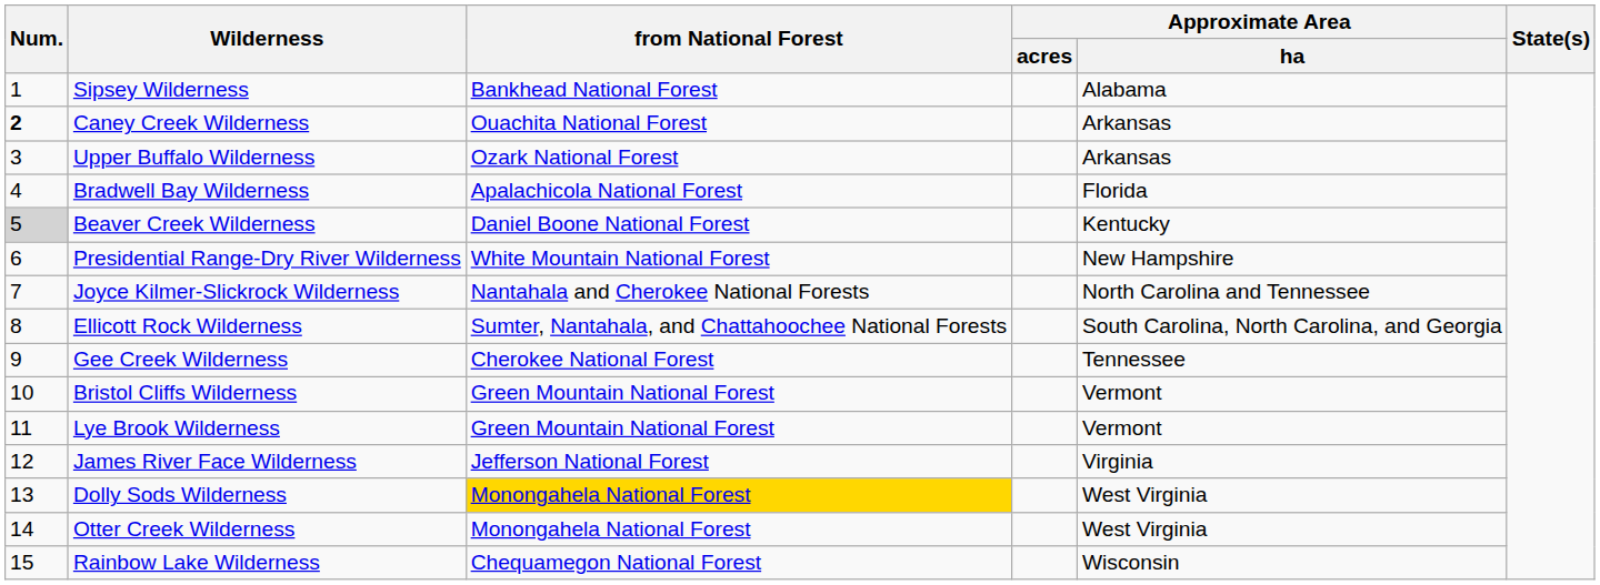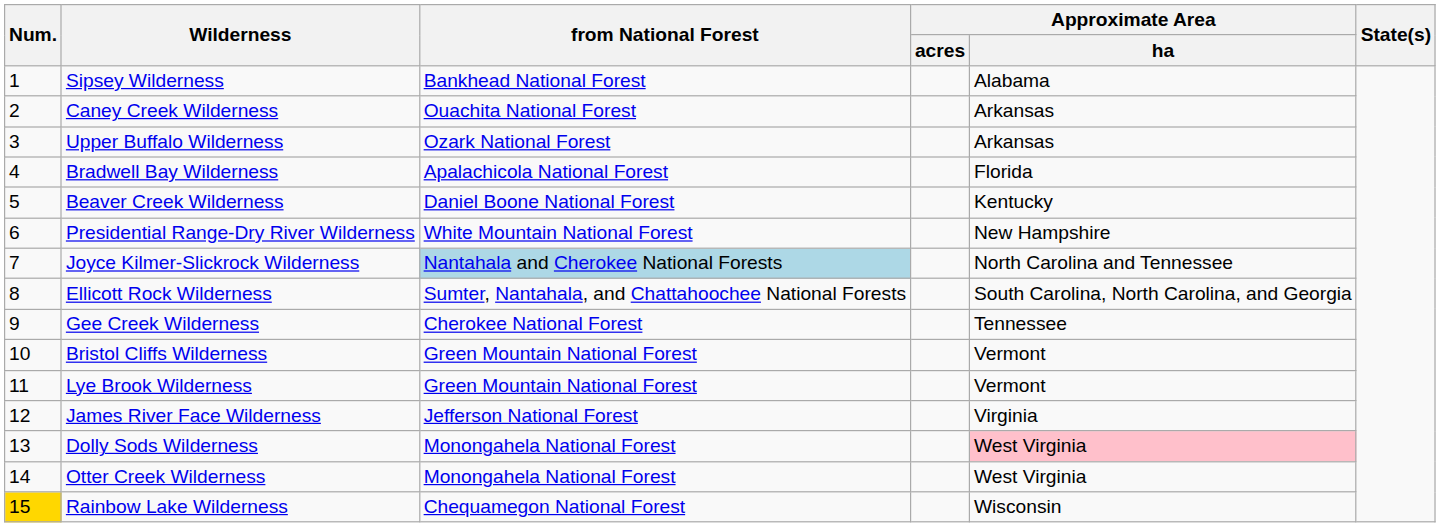 <table class="wikitable sortable">
 <tr>
 <th rowspan=2>Num.</th>
 <th rowspan=2>Wilderness</th>
 <th rowspan=2>from National Forest</th>
 <th scope="col" style="width: 12em;" colspan=2>Approximate Area</th>
 <th rowspan=2>State(s)</th>
 </tr>
 <tr>
 <th>acres</th>
 <th>ha</th>
 </tr>
 <tr>
 <td>1</td>
 <td><a href='#'>Sipsey Wilderness</a></td>
 <td><a href='#'>Bankhead National Forest</a></td>
 <td></td>
 <td>Alabama</td>
 </tr>
 <tr>
-<td><strong>2</strong></td>
+<td>2</td>
 <td><a href='#'>Caney Creek Wilderness</a></td>
 <td><a href='#'>Ouachita National Forest</a></td>
 <td></td>
 <td>Arkansas</td>
 </tr>
 <tr>
 <td>3</td>
 <td><a href='#'>Upper Buffalo Wilderness</a></td>
 <td><a href='#'>Ozark National Forest</a></td>
 <td></td>
 <td>Arkansas</td>
 </tr>
 <tr>
 <td>4</td>
 <td><a href='#'>Bradwell Bay Wilderness</a></td>
 <td><a href='#'>Apalachicola National Forest</a></td>
 <td></td>
 <td>Florida</td>
 </tr>
 <tr>
-<td style="background: lightgrey;">5</td>
+<td>5</td>
 <td><a href='#'>Beaver Creek Wilderness</a></td>
 <td><a href='#'>Daniel Boone National Forest</a></td>
 <td></td>
 <td>Kentucky</td>
 </tr>
 <tr>
 <td>6</td>
 <td><a href='#'>Presidential Range-Dry River Wilderness</a></td>
 <td><a href='#'>White Mountain National Forest</a></td>
 <td></td>
 <td>New Hampshire</td>
 </tr>
 <tr>
 <td>7</td>
 <td><a href='#'>Joyce Kilmer-Slickrock Wilderness</a></td>
-<td><a href='#'>Nantahala</a> and <a href='#'>Cherokee</a> National Forests</td>
+<td style="background: lightblue;"><a href='#'>Nantahala</a> and <a href='#'>Cherokee</a> National Forests</td>
 <td></td>
 <td>North Carolina and Tennessee</td>
 </tr>
 <tr>
 <td>8</td>
 <td><a href='#'>Ellicott Rock Wilderness</a></td>
 <td><a href='#'>Sumter</a>, <a href='#'>Nantahala</a>, and <a href='#'>Chattahoochee</a> National Forests</td>
 <td></td>
 <td>South Carolina, North Carolina, and Georgia</td>
 </tr>
 <tr>
 <td>9</td>
 <td><a href='#'>Gee Creek Wilderness</a></td>
 <td><a href='#'>Cherokee National Forest</a></td>
 <td></td>
 <td>Tennessee</td>
 </tr>
 <tr>
 <td>10</td>
 <td><a href='#'>Bristol Cliffs Wilderness</a></td>
 <td><a href='#'>Green Mountain National Forest</a></td>
 <td></td>
 <td>Vermont</td>
 </tr>
 <tr>
 <td>11</td>
 <td><a href='#'>Lye Brook Wilderness</a></td>
 <td><a href='#'>Green Mountain National Forest</a></td>
 <td></td>
 <td>Vermont</td>
 </tr>
 <tr>
 <td>12</td>
 <td><a href='#'>James River Face Wilderness</a></td>
 <td><a href='#'>Jefferson National Forest</a></td>
 <td></td>
 <td>Virginia</td>
 </tr>
 <tr>
 <td>13</td>
 <td><a href='#'>Dolly Sods Wilderness</a></td>
-<td style="background: gold;"><a href='#'>Monongahela National Forest</a></td>
+<td><a href='#'>Monongahela National Forest</a></td>
 <td></td>
-<td>West Virginia</td>
+<td style="background: pink;">West Virginia</td>
 </tr>
 <tr>
 <td>14</td>
 <td><a href='#'>Otter Creek Wilderness</a></td>
 <td><a href='#'>Monongahela National Forest</a></td>
 <td></td>
 <td>West Virginia</td>
 </tr>
 <tr>
-<td>15</td>
+<td style="background: gold;">15</td>
 <td><a href='#'>Rainbow Lake Wilderness</a></td>
 <td><a href='#'>Chequamegon National Forest</a></td>
 <td></td>
 <td>Wisconsin</td>
 </tr>
 </table>
